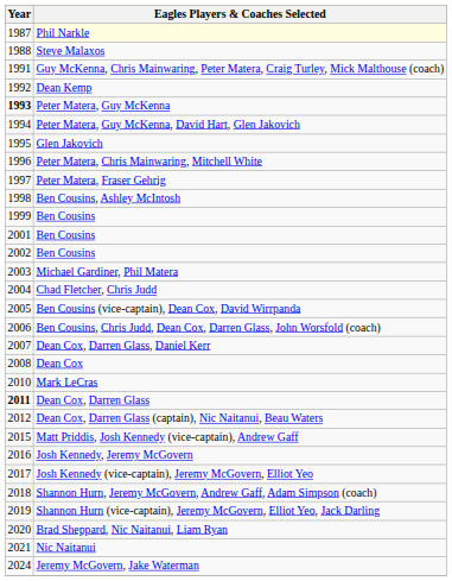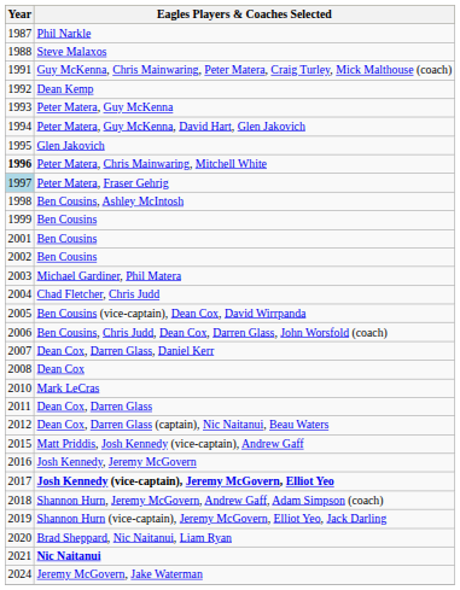 <table class="wikitable">
 <tr style="background:#bdb76b;">
 <th>Year</th>
 <th>Eagles Players & Coaches Selected</th>
 </tr>
 <tr>
 <td>1987</td>
-<td style="background: lightyellow;"><a href='#'>Phil Narkle</a></td>
+<td><a href='#'>Phil Narkle</a></td>
 </tr>
 <tr>
 <td>1988</td>
 <td><a href='#'>Steve Malaxos</a></td>
 </tr>
 <tr>
 <td>1991</td>
 <td><a href='#'>Guy McKenna</a>, <a href='#'>Chris Mainwaring</a>, <a href='#'>Peter Matera</a>, <a href='#'>Craig Turley</a>, <a href='#'>Mick Malthouse</a> (coach)</td>
 </tr>
 <tr>
 <td>1992</td>
 <td><a href='#'>Dean Kemp</a></td>
 </tr>
 <tr>
-<td><strong>1993</strong></td>
+<td>1993</td>
 <td><a href='#'>Peter Matera</a>, <a href='#'>Guy McKenna</a></td>
 </tr>
 <tr>
 <td>1994</td>
 <td><a href='#'>Peter Matera</a>, <a href='#'>Guy McKenna</a>, <a href='#'>David Hart</a>, <a href='#'>Glen Jakovich</a></td>
 </tr>
 <tr>
 <td>1995</td>
 <td><a href='#'>Glen Jakovich</a></td>
 </tr>
 <tr>
-<td>1996</td>
+<td><strong>1996</strong></td>
 <td><a href='#'>Peter Matera</a>, <a href='#'>Chris Mainwaring</a>, <a href='#'>Mitchell White</a></td>
 </tr>
 <tr>
-<td>1997</td>
+<td style="background: lightblue;">1997</td>
 <td><a href='#'>Peter Matera</a>, <a href='#'>Fraser Gehrig</a></td>
 </tr>
 <tr>
 <td>1998</td>
 <td><a href='#'>Ben Cousins</a>, <a href='#'>Ashley McIntosh</a></td>
 </tr>
 <tr>
 <td>1999</td>
 <td><a href='#'>Ben Cousins</a></td>
 </tr>
 <tr>
 <td>2001</td>
 <td><a href='#'>Ben Cousins</a></td>
 </tr>
 <tr>
 <td>2002</td>
 <td><a href='#'>Ben Cousins</a></td>
 </tr>
 <tr>
 <td>2003</td>
 <td><a href='#'>Michael Gardiner</a>, <a href='#'>Phil Matera</a></td>
 </tr>
 <tr>
 <td>2004</td>
 <td><a href='#'>Chad Fletcher</a>, <a href='#'>Chris Judd</a></td>
 </tr>
 <tr>
 <td>2005</td>
 <td><a href='#'>Ben Cousins</a> (vice-captain), <a href='#'>Dean Cox</a>, <a href='#'>David Wirrpanda</a></td>
 </tr>
 <tr>
 <td>2006</td>
 <td><a href='#'>Ben Cousins</a>, <a href='#'>Chris Judd</a>, <a href='#'>Dean Cox</a>, <a href='#'>Darren Glass</a>, <a href='#'>John Worsfold</a> (coach)</td>
 </tr>
 <tr>
 <td>2007</td>
 <td><a href='#'>Dean Cox</a>, <a href='#'>Darren Glass</a>, <a href='#'>Daniel Kerr</a></td>
 </tr>
 <tr>
 <td>2008</td>
 <td><a href='#'>Dean Cox</a></td>
 </tr>
 <tr>
 <td>2010</td>
 <td><a href='#'>Mark LeCras</a></td>
 </tr>
 <tr>
-<td><strong>2011</strong></td>
+<td>2011</td>
 <td><a href='#'>Dean Cox</a>, <a href='#'>Darren Glass</a></td>
 </tr>
 <tr>
 <td>2012</td>
 <td><a href='#'>Dean Cox</a>, <a href='#'>Darren Glass</a> (captain), <a href='#'>Nic Naitanui</a>, <a href='#'>Beau Waters</a></td>
 </tr>
 <tr>
 <td>2015</td>
 <td><a href='#'>Matt Priddis</a>, <a href='#'>Josh Kennedy</a> (vice-captain), <a href='#'>Andrew Gaff</a></td>
 </tr>
 <tr>
 <td>2016</td>
 <td><a href='#'>Josh Kennedy</a>, <a href='#'>Jeremy McGovern</a></td>
 </tr>
 <tr>
 <td>2017</td>
-<td><a href='#'>Josh Kennedy</a> (vice-captain), <a href='#'>Jeremy McGovern</a>, <a href='#'>Elliot Yeo</a></td>
+<td><strong><a href='#'>Josh Kennedy</a> (vice-captain), <a href='#'>Jeremy McGovern</a>, <a href='#'>Elliot Yeo</a></strong></td>
 </tr>
 <tr>
 <td>2018</td>
 <td><a href='#'>Shannon Hurn</a>, <a href='#'>Jeremy McGovern</a>, <a href='#'>Andrew Gaff</a>, <a href='#'>Adam Simpson</a> (coach)</td>
 </tr>
 <tr>
 <td>2019</td>
 <td><a href='#'>Shannon Hurn</a> (vice-captain), <a href='#'>Jeremy McGovern</a>, <a href='#'>Elliot Yeo</a>, <a href='#'>Jack Darling</a></td>
 </tr>
 <tr>
 <td>2020</td>
 <td><a href='#'>Brad Sheppard</a>, <a href='#'>Nic Naitanui</a>, <a href='#'>Liam Ryan</a></td>
 </tr>
 <tr>
 <td>2021</td>
-<td><a href='#'>Nic Naitanui</a></td>
+<td><strong><a href='#'>Nic Naitanui</a></strong></td>
 </tr>
 <tr>
 <td>2024</td>
 <td><a href='#'>Jeremy McGovern</a>, <a href='#'>Jake Waterman</a></td>
 </tr>
 <tr>
 </tr>
 </table>
